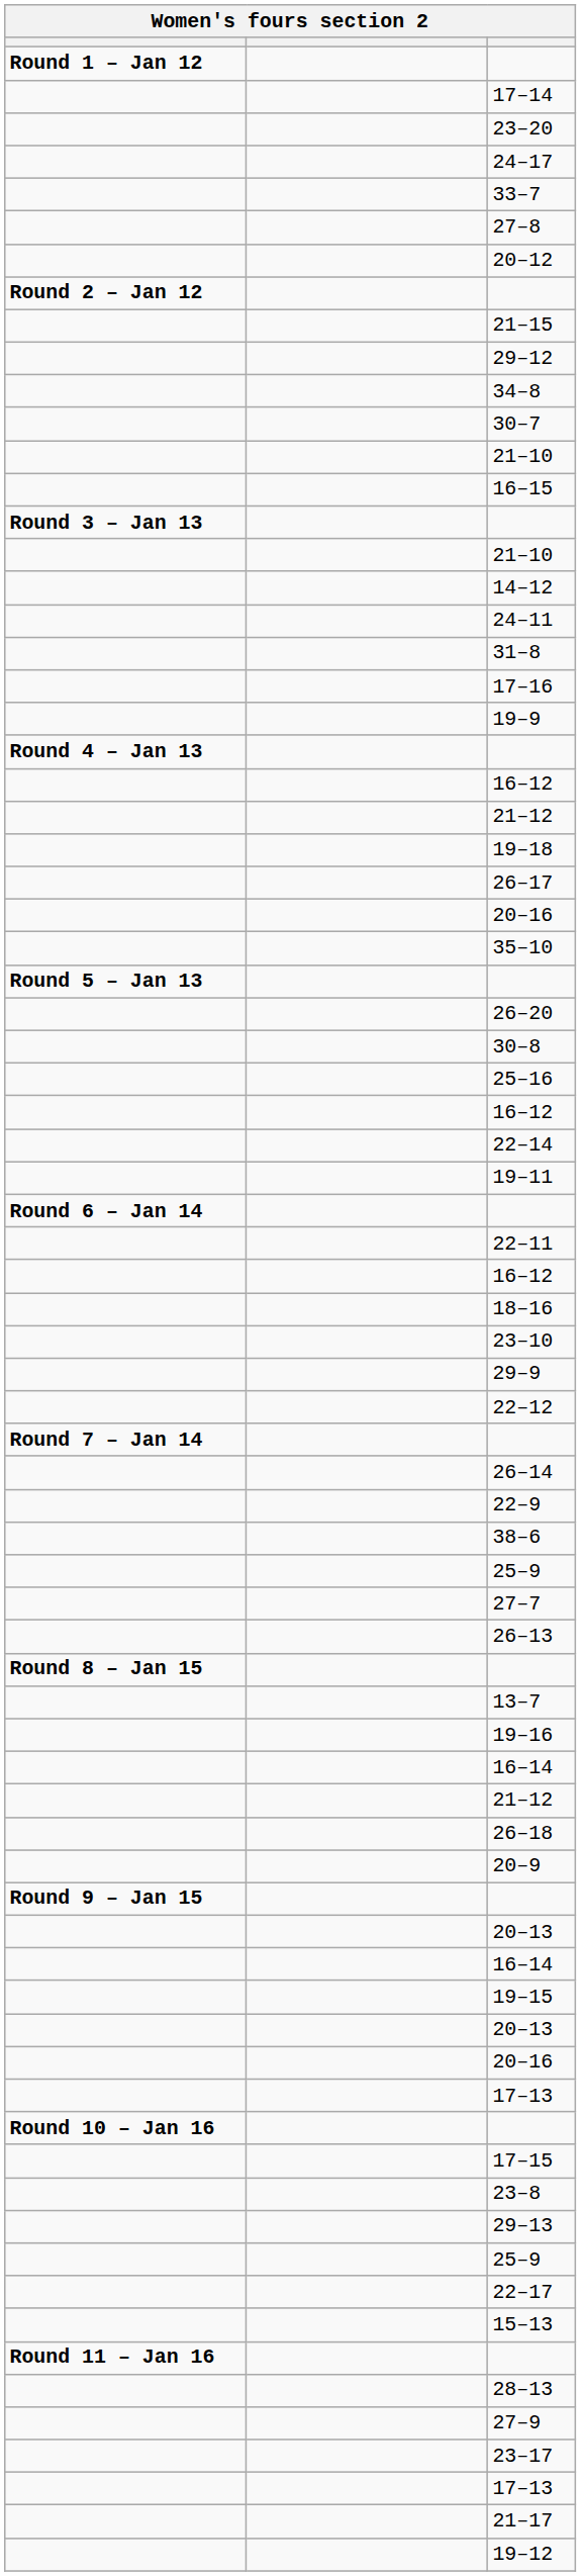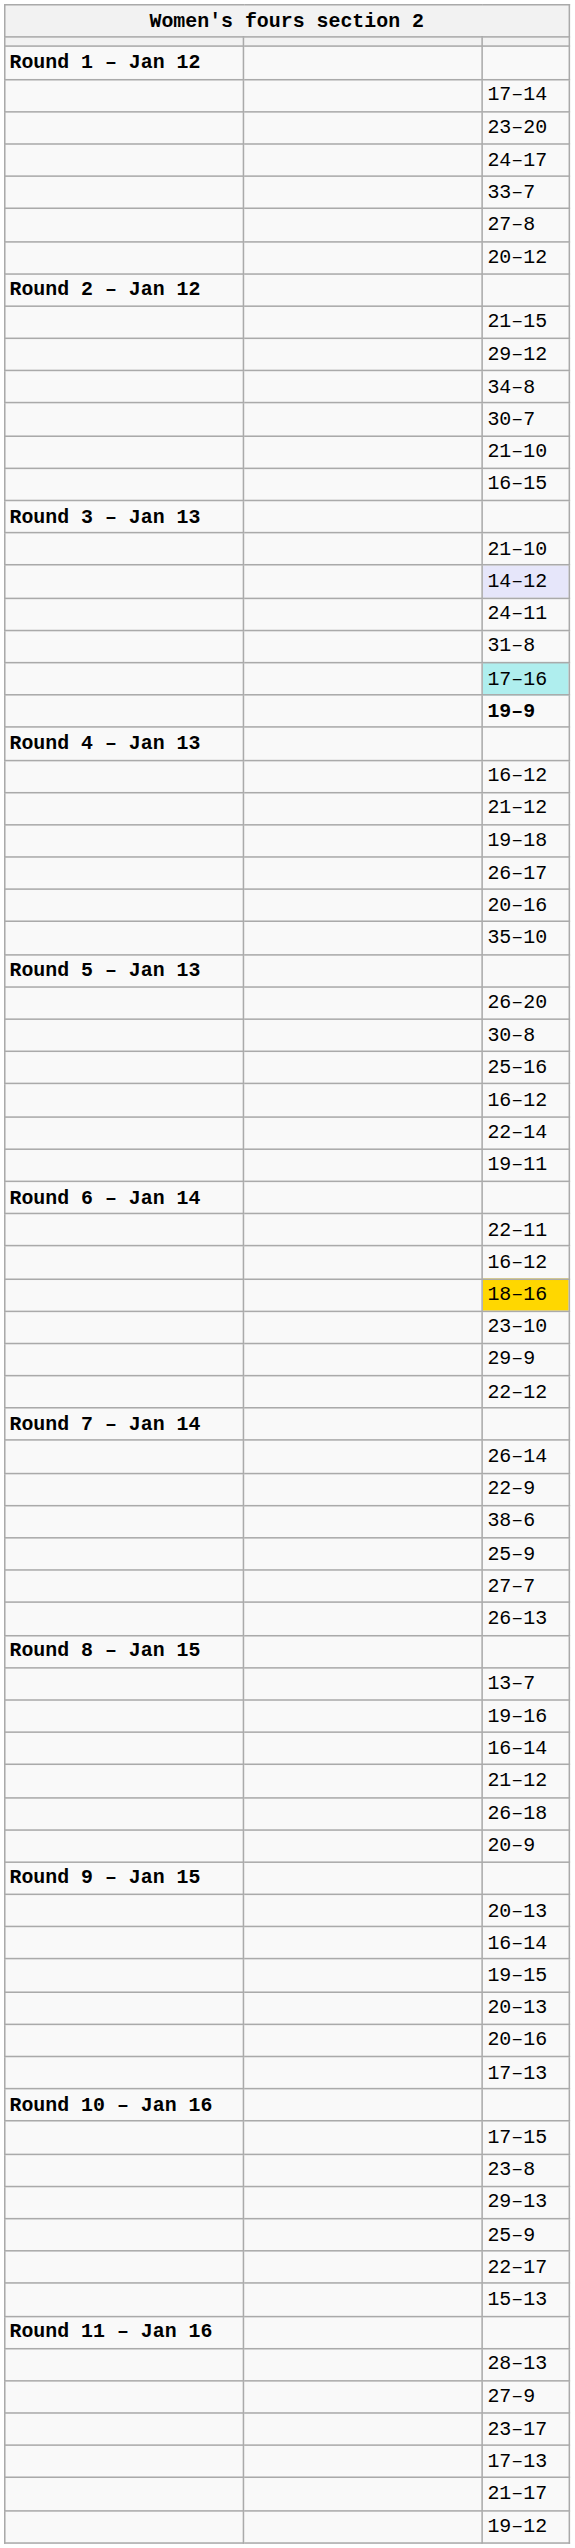 <table class="wikitable">
 <tr>
 <th colspan="3">Women's fours section 2</th>
 </tr>
 <tr>
 <th width=150></th>
 <th width=150></th>
 <th width=50></th>
 </tr>
 <tr>
 <td><strong>Round 1 – Jan 12</strong></td>
 <td></td>
 <td></td>
 </tr>
 <tr>
 <td></td>
 <td></td>
 <td>17–14</td>
 </tr>
 <tr>
 <td></td>
 <td></td>
 <td>23–20</td>
 </tr>
 <tr>
 <td></td>
 <td></td>
 <td>24–17</td>
 </tr>
 <tr>
 <td></td>
 <td></td>
 <td>33–7</td>
 </tr>
 <tr>
 <td></td>
 <td></td>
 <td>27–8</td>
 </tr>
 <tr>
 <td></td>
 <td></td>
 <td>20–12</td>
 </tr>
 <tr>
 <td><strong>Round 2 – Jan 12</strong></td>
 <td></td>
 <td></td>
 </tr>
 <tr>
 <td></td>
 <td></td>
 <td>21–15</td>
 </tr>
 <tr>
 <td></td>
 <td></td>
 <td>29–12</td>
 </tr>
 <tr>
 <td></td>
 <td></td>
 <td>34–8</td>
 </tr>
 <tr>
 <td></td>
 <td></td>
 <td>30–7</td>
 </tr>
 <tr>
 <td></td>
 <td></td>
 <td>21–10</td>
 </tr>
 <tr>
 <td></td>
 <td></td>
 <td>16–15</td>
 </tr>
 <tr>
 <td><strong>Round 3 – Jan 13</strong></td>
 <td></td>
 <td></td>
 </tr>
 <tr>
 <td></td>
 <td></td>
 <td>21–10</td>
 </tr>
 <tr>
 <td></td>
 <td></td>
-<td>14–12</td>
+<td style="background: lavender;">14–12</td>
 </tr>
 <tr>
 <td></td>
 <td></td>
 <td>24–11</td>
 </tr>
 <tr>
 <td></td>
 <td></td>
 <td>31–8</td>
 </tr>
 <tr>
 <td></td>
 <td></td>
-<td>17–16</td>
+<td style="background: paleturquoise;">17–16</td>
 </tr>
 <tr>
 <td></td>
 <td></td>
-<td>19–9</td>
+<td><strong>19–9</strong></td>
 </tr>
 <tr>
 <td><strong>Round 4 – Jan 13</strong></td>
 <td></td>
 <td></td>
 </tr>
 <tr>
 <td></td>
 <td></td>
 <td>16–12</td>
 </tr>
 <tr>
 <td></td>
 <td></td>
 <td>21–12</td>
 </tr>
 <tr>
 <td></td>
 <td></td>
 <td>19–18</td>
 </tr>
 <tr>
 <td></td>
 <td></td>
 <td>26–17</td>
 </tr>
 <tr>
 <td></td>
 <td></td>
 <td>20–16</td>
 </tr>
 <tr>
 <td></td>
 <td></td>
 <td>35–10</td>
 </tr>
 <tr>
 <td><strong>Round 5 – Jan 13</strong></td>
 <td></td>
 <td></td>
 </tr>
 <tr>
 <td></td>
 <td></td>
 <td>26–20</td>
 </tr>
 <tr>
 <td></td>
 <td></td>
 <td>30–8</td>
 </tr>
 <tr>
 <td></td>
 <td></td>
 <td>25–16</td>
 </tr>
 <tr>
 <td></td>
 <td></td>
 <td>16–12</td>
 </tr>
 <tr>
 <td></td>
 <td></td>
 <td>22–14</td>
 </tr>
 <tr>
 <td></td>
 <td></td>
 <td>19–11</td>
 </tr>
 <tr>
 <td><strong>Round 6  – Jan 14</strong></td>
 <td></td>
 <td></td>
 </tr>
 <tr>
 <td></td>
 <td></td>
 <td>22–11</td>
 </tr>
 <tr>
 <td></td>
 <td></td>
 <td>16–12</td>
 </tr>
 <tr>
 <td></td>
 <td></td>
-<td>18–16</td>
+<td style="background: gold;">18–16</td>
 </tr>
 <tr>
 <td></td>
 <td></td>
 <td>23–10</td>
 </tr>
 <tr>
 <td></td>
 <td></td>
 <td>29–9</td>
 </tr>
 <tr>
 <td></td>
 <td></td>
 <td>22–12</td>
 </tr>
 <tr>
 <td><strong>Round 7 – Jan 14</strong></td>
 <td></td>
 <td></td>
 </tr>
 <tr>
 <td></td>
 <td></td>
 <td>26–14</td>
 </tr>
 <tr>
 <td></td>
 <td></td>
 <td>22–9</td>
 </tr>
 <tr>
 <td></td>
 <td></td>
 <td>38–6</td>
 </tr>
 <tr>
 <td></td>
 <td></td>
 <td>25–9</td>
 </tr>
 <tr>
 <td></td>
 <td></td>
 <td>27–7</td>
 </tr>
 <tr>
 <td></td>
 <td></td>
 <td>26–13</td>
 </tr>
 <tr>
 <td><strong>Round 8 – Jan 15</strong></td>
 <td></td>
 <td></td>
 </tr>
 <tr>
 <td></td>
 <td></td>
 <td>13–7</td>
 </tr>
 <tr>
 <td></td>
 <td></td>
 <td>19–16</td>
 </tr>
 <tr>
 <td></td>
 <td></td>
 <td>16–14</td>
 </tr>
 <tr>
 <td></td>
 <td></td>
 <td>21–12</td>
 </tr>
 <tr>
 <td></td>
 <td></td>
 <td>26–18</td>
 </tr>
 <tr>
 <td></td>
 <td></td>
 <td>20–9</td>
 </tr>
 <tr>
 <td><strong>Round 9 – Jan 15</strong></td>
 <td></td>
 <td></td>
 </tr>
 <tr>
 <td></td>
 <td></td>
 <td>20–13</td>
 </tr>
 <tr>
 <td></td>
 <td></td>
 <td>16–14</td>
 </tr>
 <tr>
 <td></td>
 <td></td>
 <td>19–15</td>
 </tr>
 <tr>
 <td></td>
 <td></td>
 <td>20–13</td>
 </tr>
 <tr>
 <td></td>
 <td></td>
 <td>20–16</td>
 </tr>
 <tr>
 <td></td>
 <td></td>
 <td>17–13</td>
 </tr>
 <tr>
 <td><strong>Round 10 – Jan 16</strong></td>
 <td></td>
 <td></td>
 </tr>
 <tr>
 <td></td>
 <td></td>
 <td>17–15</td>
 </tr>
 <tr>
 <td></td>
 <td></td>
 <td>23–8</td>
 </tr>
 <tr>
 <td></td>
 <td></td>
 <td>29–13</td>
 </tr>
 <tr>
 <td></td>
 <td></td>
 <td>25–9</td>
 </tr>
 <tr>
 <td></td>
 <td></td>
 <td>22–17</td>
 </tr>
 <tr>
 <td></td>
 <td></td>
 <td>15–13</td>
 </tr>
 <tr>
 <td><strong>Round 11 – Jan 16</strong></td>
 <td></td>
 <td></td>
 </tr>
 <tr>
 <td></td>
 <td></td>
 <td>28–13</td>
 </tr>
 <tr>
 <td></td>
 <td></td>
 <td>27–9</td>
 </tr>
 <tr>
 <td></td>
 <td></td>
 <td>23–17</td>
 </tr>
 <tr>
 <td></td>
 <td></td>
 <td>17–13</td>
 </tr>
 <tr>
 <td></td>
 <td></td>
 <td>21–17</td>
 </tr>
 <tr>
 <td></td>
 <td></td>
 <td>19–12</td>
 </tr>
 </table>
